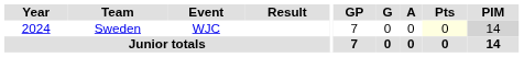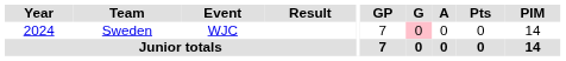 <table border="0" cellpadding="1" cellspacing="0" ID="Table3" style="text-align:center; width:40em">
 <tr ALIGN="center" bgcolor="#e0e0e0">
 <th>Year</th>
 <th>Team</th>
 <th>Event</th>
 <th>Result</th>
 <th rowspan="99" bgcolor="#ffffff"></th>
 <th>GP</th>
 <th>G</th>
 <th>A</th>
 <th>Pts</th>
 <th>PIM</th>
 </tr>
 <tr>
 <td><a href='#'>2024</a></td>
 <td><a href='#'>Sweden</a></td>
 <td><a href='#'>WJC</a></td>
 <td></td>
 <td>7</td>
+<td style="background: pink;">0</td>
 <td>0</td>
 <td>0</td>
-<td style="background: lightyellow;">0</td>
-<td style="background: lightgrey;">14</td>
+<td>14</td>
 </tr>
 <tr bgcolor="#e0e0e0">
 <th colspan="4">Junior totals</th>
 <th>7</th>
 <th>0</th>
 <th>0</th>
 <th>0</th>
 <th>14</th>
 </tr>
 </table>
